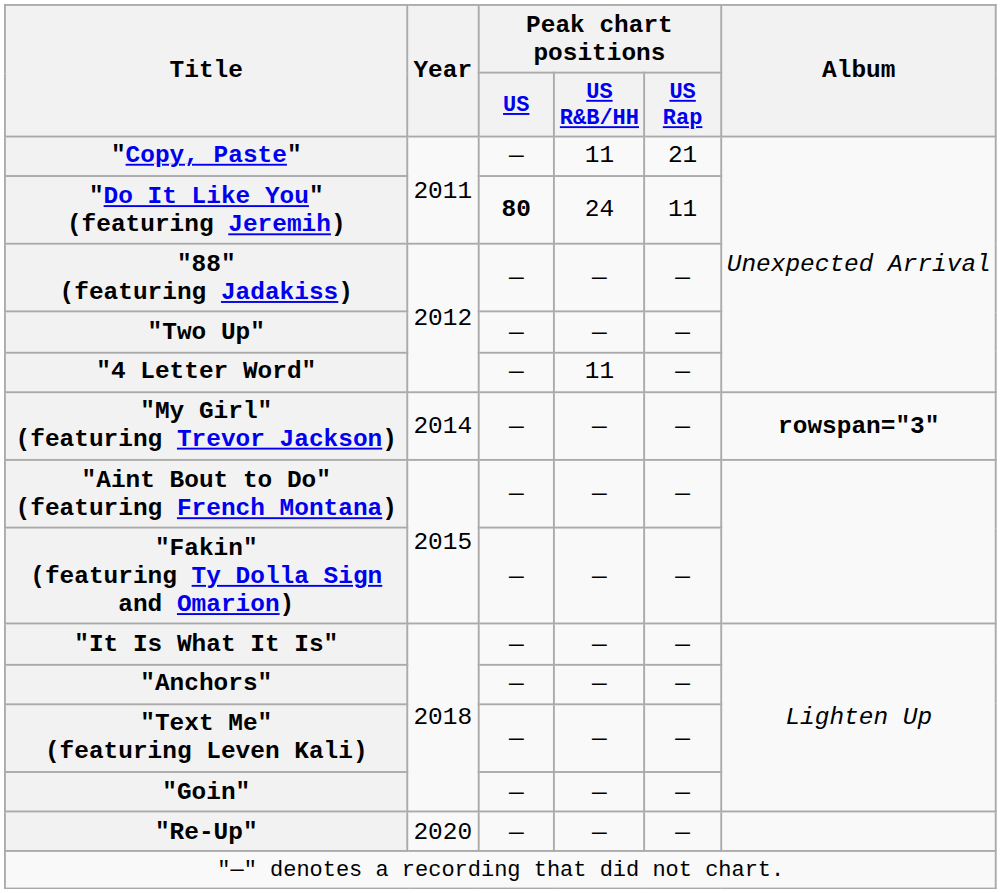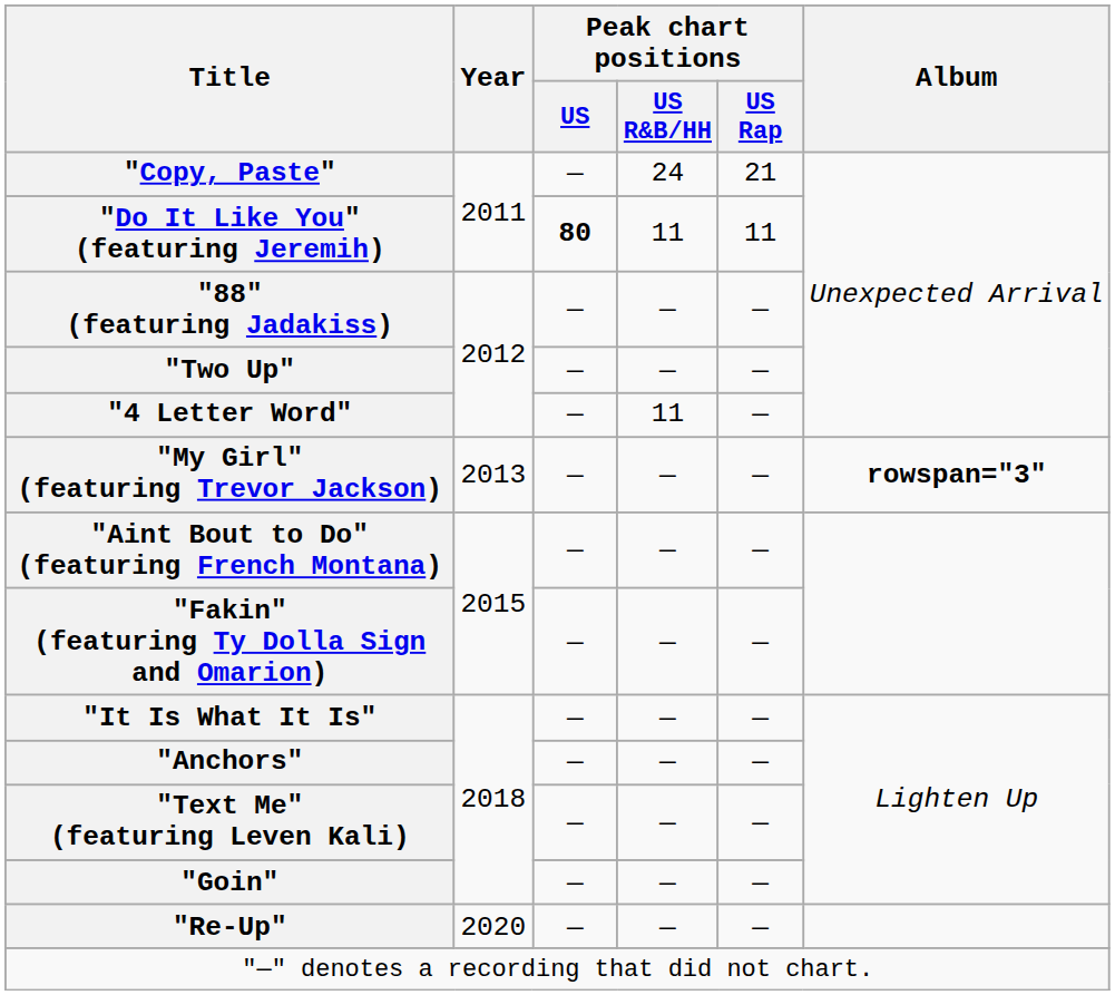 <table class="wikitable plainrowheaders" style="text-align:center;">
 <tr>
 <th scope="col" rowspan="2" style="width:16em;">Title</th>
 <th scope="col" rowspan="2">Year</th>
 <th scope="col" colspan="3">Peak chart positions</th>
 <th scope="col" rowspan="2">Album</th>
 </tr>
 <tr>
 <th scope="col" style="width:3em;font-size:90%;"><a href='#'>US</a></th>
 <th scope="col" style="width:3em;font-size:90%;"><a href='#'>US<br>R&B/HH</a></th>
 <th scope="col" style="width:3em;font-size:90%;"><a href='#'>US Rap</a></th>
 </tr>
 <tr>
 <th scope="row">"<a href='#'>Copy, Paste</a>"</th>
 <td rowspan="2">2011</td>
 <td>—</td>
-<td>11</td>
+<td>24</td>
 <td>21</td>
 <td rowspan="5"><em>Unexpected Arrival</em></td>
 </tr>
 <tr>
 <th scope="row">"<a href='#'>Do It Like You</a>" <br><span>(featuring <a href='#'>Jeremih</a>)</span></th>
 <td><strong>80</strong></td>
-<td>24</td>
+<td>11</td>
 <td>11</td>
 </tr>
 <tr>
 <th scope="row">"88" <br><span>(featuring <a href='#'>Jadakiss</a>)</span></th>
 <td rowspan="3">2012</td>
 <td>—</td>
 <td>—</td>
 <td>—</td>
 </tr>
 <tr>
 <th scope="row">"Two Up"</th>
 <td>—</td>
 <td>—</td>
 <td>—</td>
 </tr>
 <tr>
 <th scope="row">"4 Letter Word"</th>
 <td>—</td>
 <td>11</td>
 <td>—</td>
 </tr>
 <tr>
 <th scope="row">"My Girl" <br><span>(featuring <a href='#'>Trevor Jackson</a>)</span></th>
-<td>2014</td>
+<td>2013</td>
 <td>—</td>
 <td>—</td>
 <td>—</td>
 <td><strong>rowspan="3" </strong></td>
 </tr>
 <tr>
 <th scope="row">"Aint Bout to Do" <br><span>(featuring <a href='#'>French Montana</a>)</span></th>
 <td rowspan="2">2015</td>
 <td>—</td>
 <td>—</td>
 <td>—</td>
 </tr>
 <tr>
 <th scope="row">"Fakin" <br><span>(featuring <a href='#'>Ty Dolla Sign</a> and <a href='#'>Omarion</a>)</span></th>
 <td>—</td>
 <td>—</td>
 <td>—</td>
 </tr>
 <tr>
 <th scope="row">"It Is What It Is"</th>
 <td rowspan="4">2018</td>
 <td>—</td>
 <td>—</td>
 <td>—</td>
 <td rowspan="4"><em>Lighten Up</em></td>
 </tr>
 <tr>
 <th scope="row">"Anchors"</th>
 <td>—</td>
 <td>—</td>
 <td>—</td>
 </tr>
 <tr>
 <th scope="row">"Text Me" <br><span>(featuring Leven Kali)</span></th>
 <td>—</td>
 <td>—</td>
 <td>—</td>
 </tr>
 <tr>
 <th scope="row">"Goin"</th>
 <td>—</td>
 <td>—</td>
 <td>—</td>
 </tr>
 <tr>
 <th scope="row">"Re-Up"</th>
 <td>2020</td>
 <td>—</td>
 <td>—</td>
 <td>—</td>
 <td></td>
 </tr>
 <tr>
 <td colspan="6" style="font-size:90%">"—" denotes a recording that did not chart.</td>
 </tr>
 </table>
